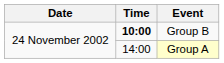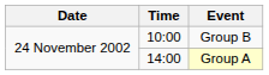 <table class = "wikitable" style="text-align:center;">
 <tr>
 <th width=150>Date</th>
 <th width=50>Time</th>
 <th width=80>Event</th>
 </tr>
 <tr>
 <td rowspan=2>24 November 2002</td>
-<td><strong>10:00</strong></td>
+<td>10:00</td>
 <td>Group B</td>
 </tr>
 <tr>
 <td>14:00</td>
 <td bgcolor=ffffcc>Group A</td>
 </tr>
 </table>
